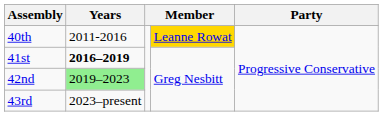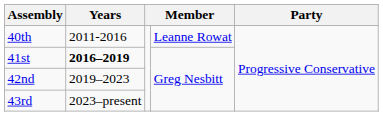 <table class="wikitable">
 <tr>
 <th>Assembly</th>
 <th>Years</th>
 <th colspan="2">Member</th>
 <th>Party<br></th>
 </tr>
 <tr>
 <td><a href='#'>40th</a></td>
 <td>2011-2016</td>
 <td rowspan=4 ></td>
-<td style="background: gold;"><a href='#'>Leanne Rowat</a></td>
+<td><a href='#'>Leanne Rowat</a></td>
 <td rowspan=4><a href='#'>Progressive Conservative</a></td>
 </tr>
 <tr>
 <td><a href='#'>41st</a></td>
 <td><strong>2016–2019</strong></td>
 <td rowspan=3><a href='#'>Greg Nesbitt</a></td>
 </tr>
 <tr>
 <td><a href='#'>42nd</a></td>
-<td style="background: lightgreen;">2019–2023</td>
+<td>2019–2023</td>
 </tr>
 <tr>
 <td><a href='#'>43rd</a></td>
 <td>2023–present</td>
 </tr>
 </table>
